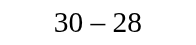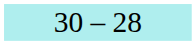 <table style="text-align:center">
 <tr>
 <th width=200></th>
 <th width=100></th>
 <th width=200></th>
 </tr>
 <tr>
 <td align=right><strong></strong></td>
-<td>30 – 28</td>
+<td style="background: paleturquoise;">30 – 28</td>
 <td align=left></td>
 </tr>
 </table>
